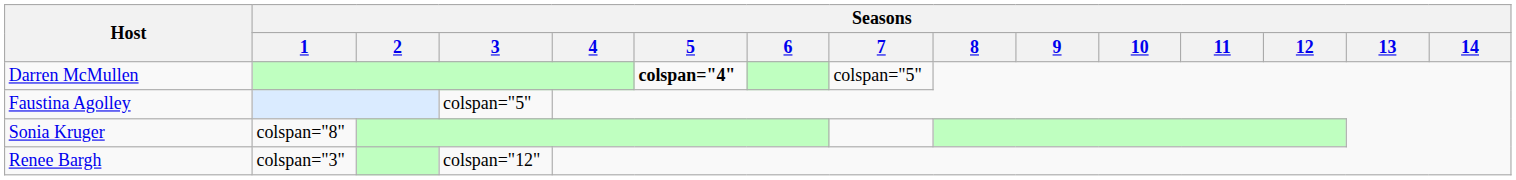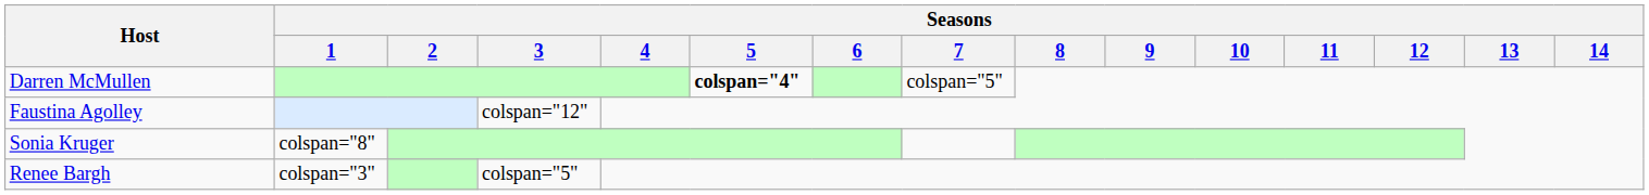 <table class="wikitable plainrowheaders collapsible mw-collapsible" style="width:85%">
 <tr>
 <th rowspan="2" style="width:15%">Host</th>
 <th colspan="14">Seasons</th>
 </tr>
 <tr>
 <th style="width:5%"><a href='#'>1</a></th>
 <th style="width:5%"><a href='#'>2</a></th>
 <th style="width:5%"><a href='#'>3</a></th>
 <th style="width:5%"><a href='#'>4</a></th>
 <th style="width:5%"><a href='#'>5</a></th>
 <th style="width:5%"><a href='#'>6</a></th>
 <th style="width:5%"><a href='#'>7</a></th>
 <th style="width:5%"><a href='#'>8</a></th>
 <th style="width:5%"><a href='#'>9</a></th>
 <th style="width:5%"><a href='#'>10</a></th>
 <th style="width:5%"><a href='#'>11</a></th>
 <th style="width:5%"><a href='#'>12</a></th>
 <th style="width:5%"><a href='#'>13</a></th>
 <th style="width:5%"><a href='#'>14</a></th>
 </tr>
 <tr>
 <td><a href='#'>Darren McMullen</a></td>
 <td colspan="4" style="background:#BFFFC0"></td>
 <td><strong>colspan="4" </strong></td>
 <td style="background:#BFFFC0"></td>
 <td>colspan="5" </td>
 </tr>
 <tr>
 <td><a href='#'>Faustina Agolley</a></td>
 <td colspan="2" style="background:#DAEBFF"></td>
-<td>colspan="5" </td>
+<td>colspan="12" </td>
 </tr>
 <tr>
 <td><a href='#'>Sonia Kruger</a></td>
 <td>colspan="8" </td>
 <td colspan="5" style="background:#BFFFC0"></td>
 <td></td>
 <td colspan="5" style="background:#BFFFC0"></td>
 </tr>
 <tr>
 <td><a href='#'>Renee Bargh</a></td>
 <td>colspan="3" </td>
 <td style="background:#BFFFC0"></td>
-<td>colspan="12" </td>
+<td>colspan="5" </td>
 </tr>
 </table>
